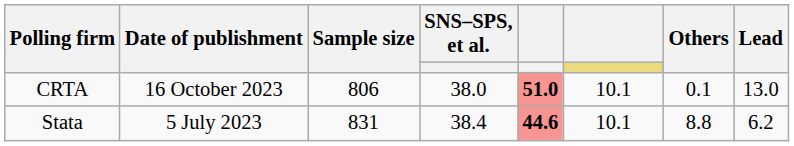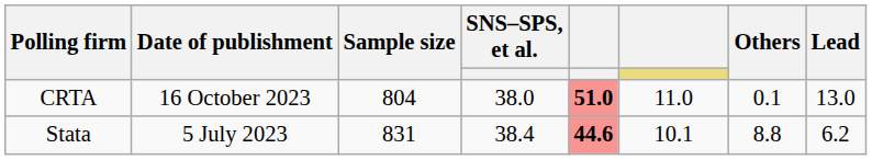 <table class="wikitable" style="text-align:center; font-size:85%; line-height:16px; margin-bottom:0">
 <tr>
 <th rowspan="2">Polling firm</th>
 <th rowspan="2">Date of publishment</th>
 <th rowspan="2">Sample size</th>
 <th>SNS–SPS,<br>et al.</th>
 <th></th>
 <th></th>
 <th rowspan="2">Others</th>
 <th rowspan="2">Lead</th>
 </tr>
 <tr>
 <th style="background:"></th>
 <th style="background:"></th>
 <th style="background:#EADC7C; width:60px"></th>
 </tr>
 <tr>
 <td>CRTA</td>
 <td>16 October 2023</td>
-<td>806</td>
+<td>804</td>
 <td>38.0</td>
 <td style="background:#F89593"><strong>51.0</strong></td>
-<td>10.1</td>
+<td>11.0</td>
 <td>0.1</td>
 <td style="background:">13.0</td>
 </tr>
 <tr>
 <td>Stata</td>
 <td>5 July 2023</td>
 <td>831</td>
 <td>38.4</td>
 <td style="background:#F89593"><strong>44.6</strong></td>
 <td>10.1</td>
 <td>8.8</td>
 <td style="background:">6.2</td>
 </tr>
 </table>
